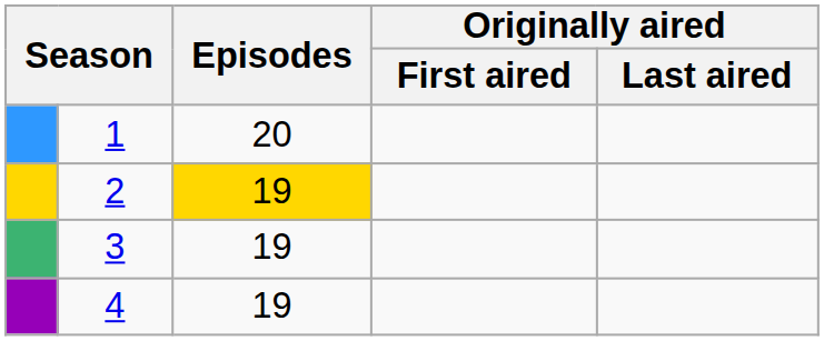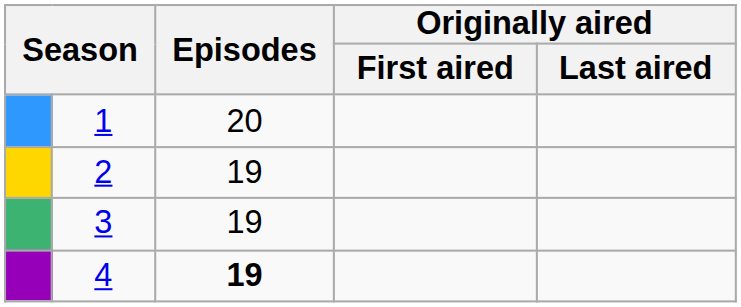 <table class="wikitable" style="text-align:center">
 <tr>
 <th style="padding:0 8px;" colspan="2" rowspan=2>Season</th>
 <th style="padding:0 8px;" rowspan=2>Episodes</th>
 <th style="padding:0 40px;" colspan=2>Originally aired</th>
 </tr>
 <tr>
 <th>First aired</th>
 <th>Last aired</th>
 </tr>
 <tr>
 <td style="background:#2E98FF; height:10px;"></td>
 <td><a href='#'>1</a></td>
 <td>20</td>
 <td></td>
 <td></td>
 </tr>
 <tr>
 <td style="background:#FFD700; height:10px;"></td>
 <td><a href='#'>2</a></td>
-<td style="background: gold;">19</td>
+<td>19</td>
 <td></td>
 <td></td>
 </tr>
 <tr>
 <td style="background:#3CB371; height:10px;"></td>
 <td><a href='#'>3</a></td>
 <td>19</td>
 <td></td>
 <td></td>
 </tr>
 <tr>
 <td style="background:#9600B8; height:10px;"></td>
 <td><a href='#'>4</a></td>
-<td>19</td>
+<td><strong>19</strong></td>
 <td></td>
 <td></td>
 </tr>
 </table>
